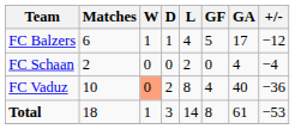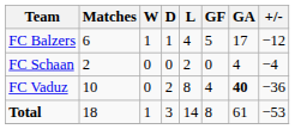 <table class="wikitable">
 <tr>
 <th>Team</th>
 <th>Matches</th>
 <th>W</th>
 <th>D</th>
 <th>L</th>
 <th>GF</th>
 <th>GA</th>
 <th>+/-</th>
 </tr>
 <tr>
 <td><a href='#'>FC Balzers</a></td>
 <td>6</td>
 <td>1</td>
 <td>1</td>
 <td>4</td>
 <td>5</td>
 <td>17</td>
 <td>−12</td>
 </tr>
 <tr>
 <td><a href='#'>FC Schaan</a></td>
 <td>2</td>
 <td>0</td>
 <td>0</td>
 <td>2</td>
 <td>0</td>
 <td>4</td>
 <td>−4</td>
 </tr>
 <tr>
 <td><a href='#'>FC Vaduz</a></td>
 <td>10</td>
-<td style="background: lightsalmon;">0</td>
+<td>0</td>
 <td>2</td>
 <td>8</td>
 <td>4</td>
-<td>40</td>
+<td><strong>40</strong></td>
 <td>−36</td>
 </tr>
 <tr>
 <td><strong>Total</strong></td>
 <td>18</td>
 <td>1</td>
 <td>3</td>
 <td>14</td>
 <td>8</td>
 <td>61</td>
 <td>−53</td>
 </tr>
 <tr>
 </tr>
 </table>
